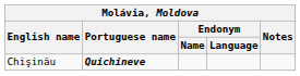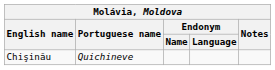 <table class="wikitable sortable">
 <tr>
 <th colspan="5"> Molávia, <em>Moldova</em></th>
 </tr>
 <tr>
 <th rowspan="2">English name</th>
 <th rowspan="2">Portuguese name</th>
 <th colspan="2">Endonym</th>
 <th rowspan="2">Notes</th>
 </tr>
 <tr>
 <th>Name</th>
 <th>Language</th>
 </tr>
 <tr>
 <td>Chişinău</td>
-<td><strong><em>Quichineve</em></strong></td>
+<td><em>Quichineve</em></td>
 <td></td>
 <td></td>
 <td></td>
 </tr>
 </table>
